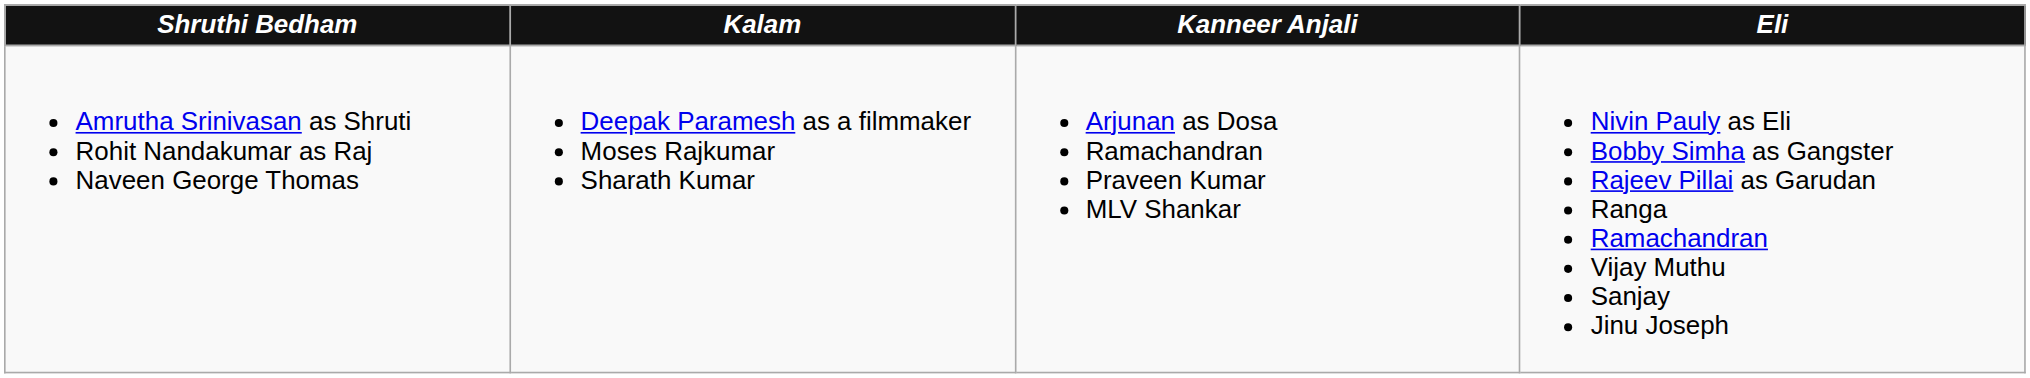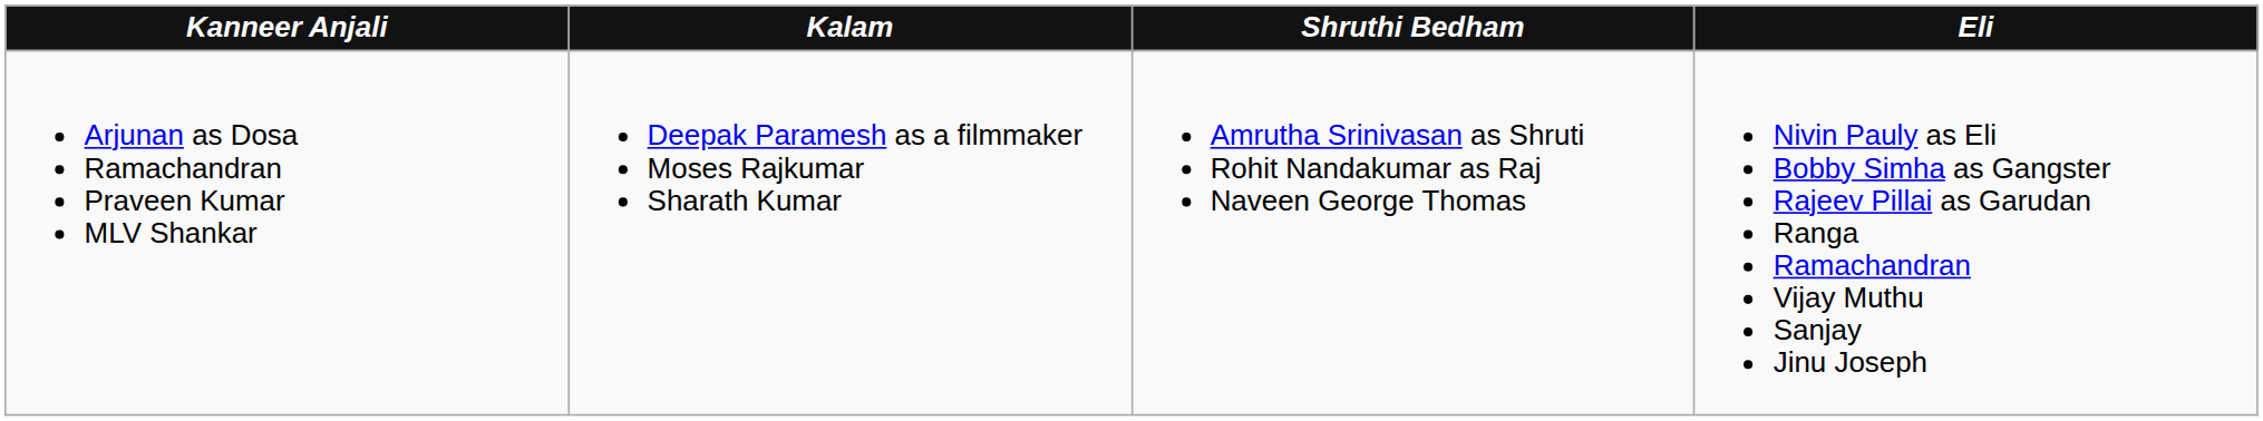 <table class=wikitable>
 <tr>
+<th style="background:#121212; color:#FFFFFF; width:20%"><em>Kanneer Anjali</em></th>
+<th style="background:#121212; color:#FFFFFF; width:20%"><em>Kalam</em></th>
 <th style="background:#121212; color:#FFFFFF; width:20%"><em>Shruthi Bedham</em></th>
-<th style="background:#121212; color:#FFFFFF; width:20%"><em>Kalam</em></th>
-<th style="background:#121212; color:#FFFFFF; width:20%"><em>Kanneer Anjali</em></th>
 <th style="background:#121212; color:#FFFFFF; width:20%"><em>Eli</em></th>
 </tr>
 <tr>
+<td valign="top"><br><ul><li><a href='#'>Arjunan</a> as Dosa</li><li>Ramachandran</li><li>Praveen Kumar</li><li>MLV Shankar</li></ul></td>
+<td valign="top"><br><ul><li><a href='#'>Deepak Paramesh</a> as a filmmaker</li><li>Moses Rajkumar</li><li>Sharath Kumar</li></ul></td>
 <td valign="top"><br><ul><li><a href='#'>Amrutha Srinivasan</a> as Shruti</li><li>Rohit Nandakumar as Raj</li><li>Naveen George Thomas</li></ul></td>
-<td valign="top"><br><ul><li><a href='#'>Deepak Paramesh</a> as a filmmaker</li><li>Moses Rajkumar</li><li>Sharath Kumar</li></ul></td>
-<td valign="top"><br><ul><li><a href='#'>Arjunan</a> as Dosa</li><li>Ramachandran</li><li>Praveen Kumar</li><li>MLV Shankar</li></ul></td>
 <td valign="top"><br><ul><li><a href='#'>Nivin Pauly</a> as Eli</li><li><a href='#'>Bobby Simha</a> as Gangster</li><li><a href='#'>Rajeev Pillai</a> as Garudan</li><li>Ranga</li><li><a href='#'>Ramachandran</a></li><li>Vijay Muthu</li><li>Sanjay</li><li>Jinu Joseph</li></ul></td>
 </tr>
 </table>
